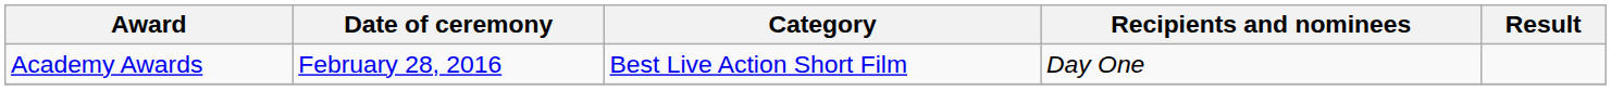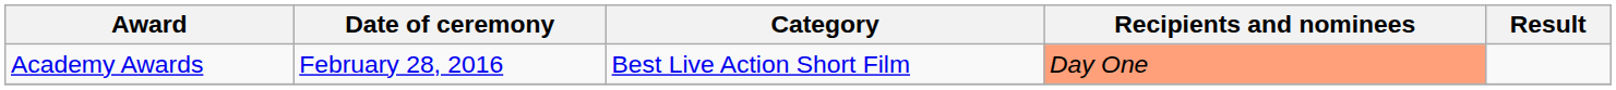 <table class="wikitable sortable" width="65%">
 <tr>
 <th>Award</th>
 <th>Date of ceremony</th>
 <th>Category</th>
 <th>Recipients and nominees</th>
 <th>Result</th>
 </tr>
 <tr>
 <td><a href='#'>Academy Awards</a></td>
 <td><a href='#'>February 28, 2016</a></td>
 <td><a href='#'>Best Live Action Short Film</a></td>
-<td><em>Day One</em></td>
+<td style="background: lightsalmon;"><em>Day One</em></td>
 <td></td>
 </tr>
 <tr>
 </tr>
 </table>
